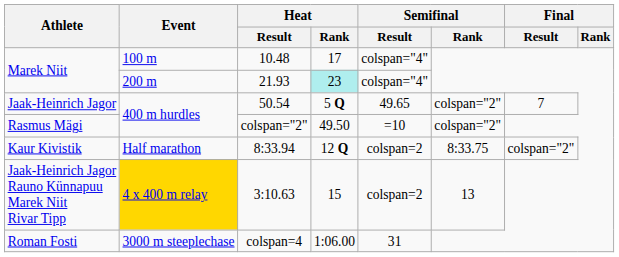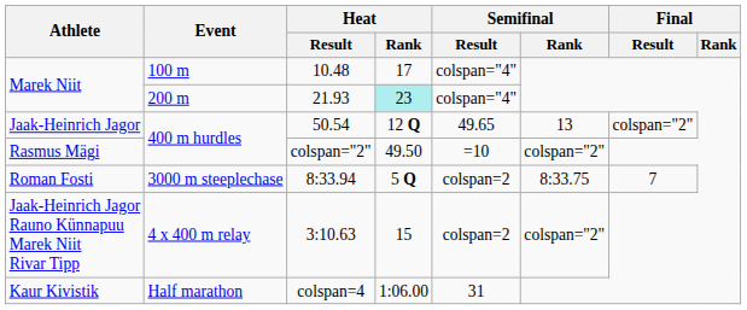 <table class="wikitable" style="font-size:90%">
 <tr>
 <th rowspan=2>Athlete</th>
 <th rowspan=2>Event</th>
 <th colspan=2>Heat</th>
 <th colspan=2>Semifinal</th>
 <th colspan=2>Final</th>
 </tr>
 <tr style="font-size:95%">
 <th>Result</th>
 <th>Rank</th>
 <th>Result</th>
 <th>Rank</th>
 <th>Result</th>
 <th>Rank</th>
 </tr>
 <tr align="center">
 <td align=left rowspan=2><a href='#'>Marek Niit</a></td>
 <td style="text-align:left;"><a href='#'>100 m</a></td>
 <td>10.48</td>
 <td>17</td>
 <td>colspan="4" </td>
 </tr>
 <tr align=center>
 <td style="text-align:left;"><a href='#'>200 m</a></td>
 <td>21.93</td>
 <td style="background: paleturquoise;">23</td>
 <td>colspan="4" </td>
 </tr>
 <tr align=center>
 <td align=left><a href='#'>Jaak-Heinrich Jagor</a></td>
 <td style="text-align:left;" rowspan=2><a href='#'>400 m hurdles</a></td>
 <td>50.54</td>
-<td>5 <strong>Q</strong></td>
+<td>12 <strong>Q</strong></td>
 <td>49.65 <strong></strong></td>
+<td>13</td>
 <td>colspan="2" </td>
-<td>7</td>
 </tr>
 <tr align=center>
 <td align=left><a href='#'>Rasmus Mägi</a></td>
 <td>colspan="2" </td>
 <td>49.50</td>
 <td>=10</td>
 <td>colspan="2" </td>
 </tr>
 <tr align=center>
-<td align=left><a href='#'>Kaur Kivistik</a></td>
-<td style="text-align:left;"><a href='#'>Half marathon</a></td>
+<td align=left><a href='#'>Roman Fosti</a></td>
+<td style="text-align:left;"><a href='#'>3000 m steeplechase</a></td>
 <td>8:33.94 <strong></strong></td>
-<td>12 <strong>Q</strong></td>
+<td>5 <strong>Q</strong></td>
 <td>colspan=2 </td>
 <td>8:33.75 <strong></strong></td>
+<td>7</td>
+</tr>
+<tr align=center>
+<td align=left><a href='#'>Jaak-Heinrich Jagor</a><br><a href='#'>Rauno Künnapuu</a><br><a href='#'>Marek Niit</a><br><a href='#'>Rivar Tipp</a></td>
+<td style="text-align:left;"><a href='#'>4 x 400 m relay</a></td>
+<td>3:10.63 <strong></strong></td>
+<td>15</td>
+<td>colspan=2 </td>
 <td>colspan="2" </td>
 </tr>
 <tr align=center>
-<td align=left><a href='#'>Jaak-Heinrich Jagor</a><br><a href='#'>Rauno Künnapuu</a><br><a href='#'>Marek Niit</a><br><a href='#'>Rivar Tipp</a></td>
-<td style="background: gold; text-align:left;"><a href='#'>4 x 400 m relay</a></td>
-<td>3:10.63 <strong></strong></td>
-<td>15</td>
-<td>colspan=2 </td>
-<td>13</td>
-</tr>
-<tr align=center>
-<td align=left><a href='#'>Roman Fosti</a></td>
-<td style="text-align:left;"><a href='#'>3000 m steeplechase</a></td>
+<td align=left><a href='#'>Kaur Kivistik</a></td>
+<td style="text-align:left;"><a href='#'>Half marathon</a></td>
 <td>colspan=4 </td>
 <td>1:06.00</td>
 <td>31</td>
 </tr>
 </table>
